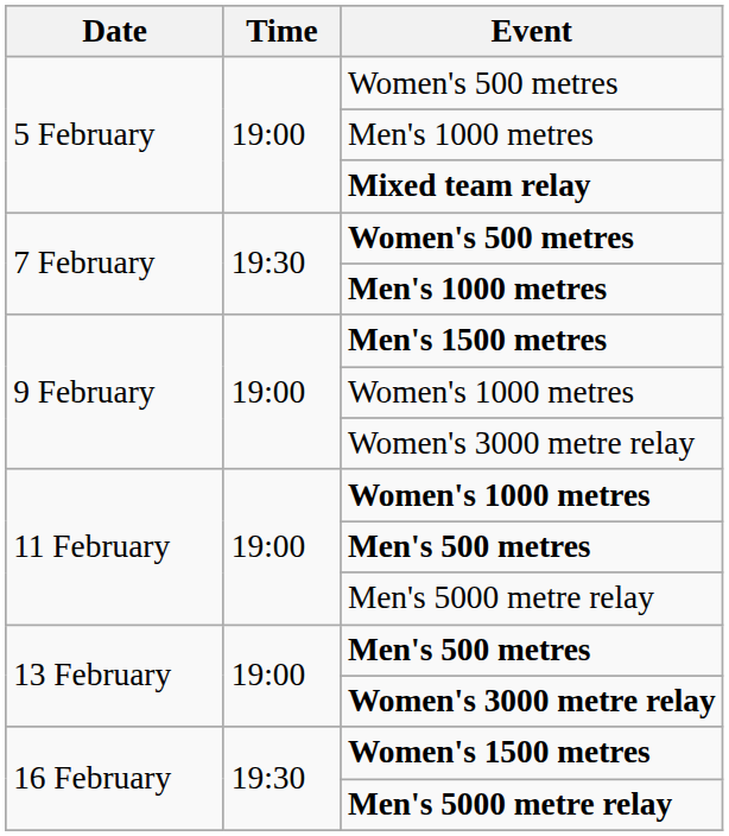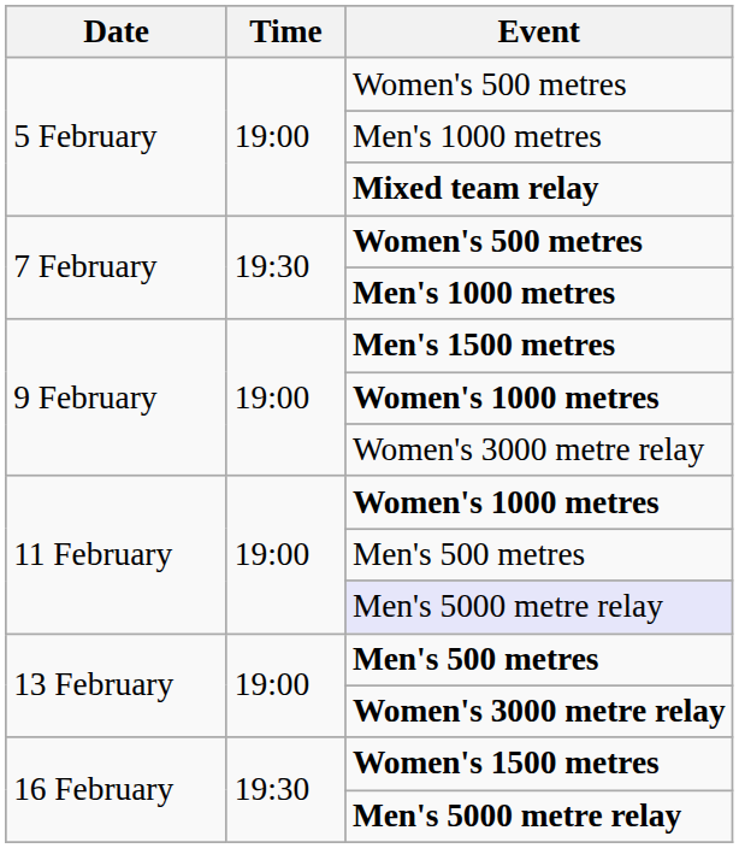 <table class=wikitable>
 <tr>
 <th width="100">Date</th>
 <th width="50">Time</th>
 <th>Event</th>
 </tr>
 <tr>
 <td rowspan=3>5 February</td>
 <td rowspan=3>19:00</td>
 <td>Women's 500 metres</td>
 </tr>
 <tr>
 <td>Men's 1000 metres</td>
 </tr>
 <tr>
 <td><strong>Mixed team relay</strong></td>
 </tr>
 <tr>
 <td rowspan=2>7 February</td>
 <td rowspan=2>19:30</td>
 <td><strong>Women's 500 metres</strong></td>
 </tr>
 <tr>
 <td><strong>Men's 1000 metres</strong></td>
 </tr>
 <tr>
 <td rowspan=3>9 February</td>
 <td rowspan=3>19:00</td>
 <td><strong>Men's 1500 metres</strong></td>
 </tr>
 <tr>
-<td>Women's 1000 metres</td>
+<td><strong>Women's 1000 metres</strong></td>
 </tr>
 <tr>
 <td>Women's 3000 metre relay</td>
 </tr>
 <tr>
 <td rowspan=3>11 February</td>
 <td rowspan=3>19:00</td>
 <td><strong>Women's 1000 metres</strong></td>
 </tr>
 <tr>
-<td><strong>Men's 500 metres</strong></td>
+<td>Men's 500 metres</td>
 </tr>
 <tr>
-<td>Men's 5000 metre relay</td>
+<td style="background: lavender;">Men's 5000 metre relay</td>
 </tr>
 <tr>
 <td rowspan=2>13 February</td>
 <td rowspan=2>19:00</td>
 <td><strong>Men's 500 metres</strong></td>
 </tr>
 <tr>
 <td><strong>Women's 3000 metre relay</strong></td>
 </tr>
 <tr>
 <td rowspan=2>16 February</td>
 <td rowspan=2>19:30</td>
 <td><strong>Women's 1500 metres</strong></td>
 </tr>
 <tr>
 <td><strong>Men's 5000 metre relay</strong></td>
 </tr>
 </table>
